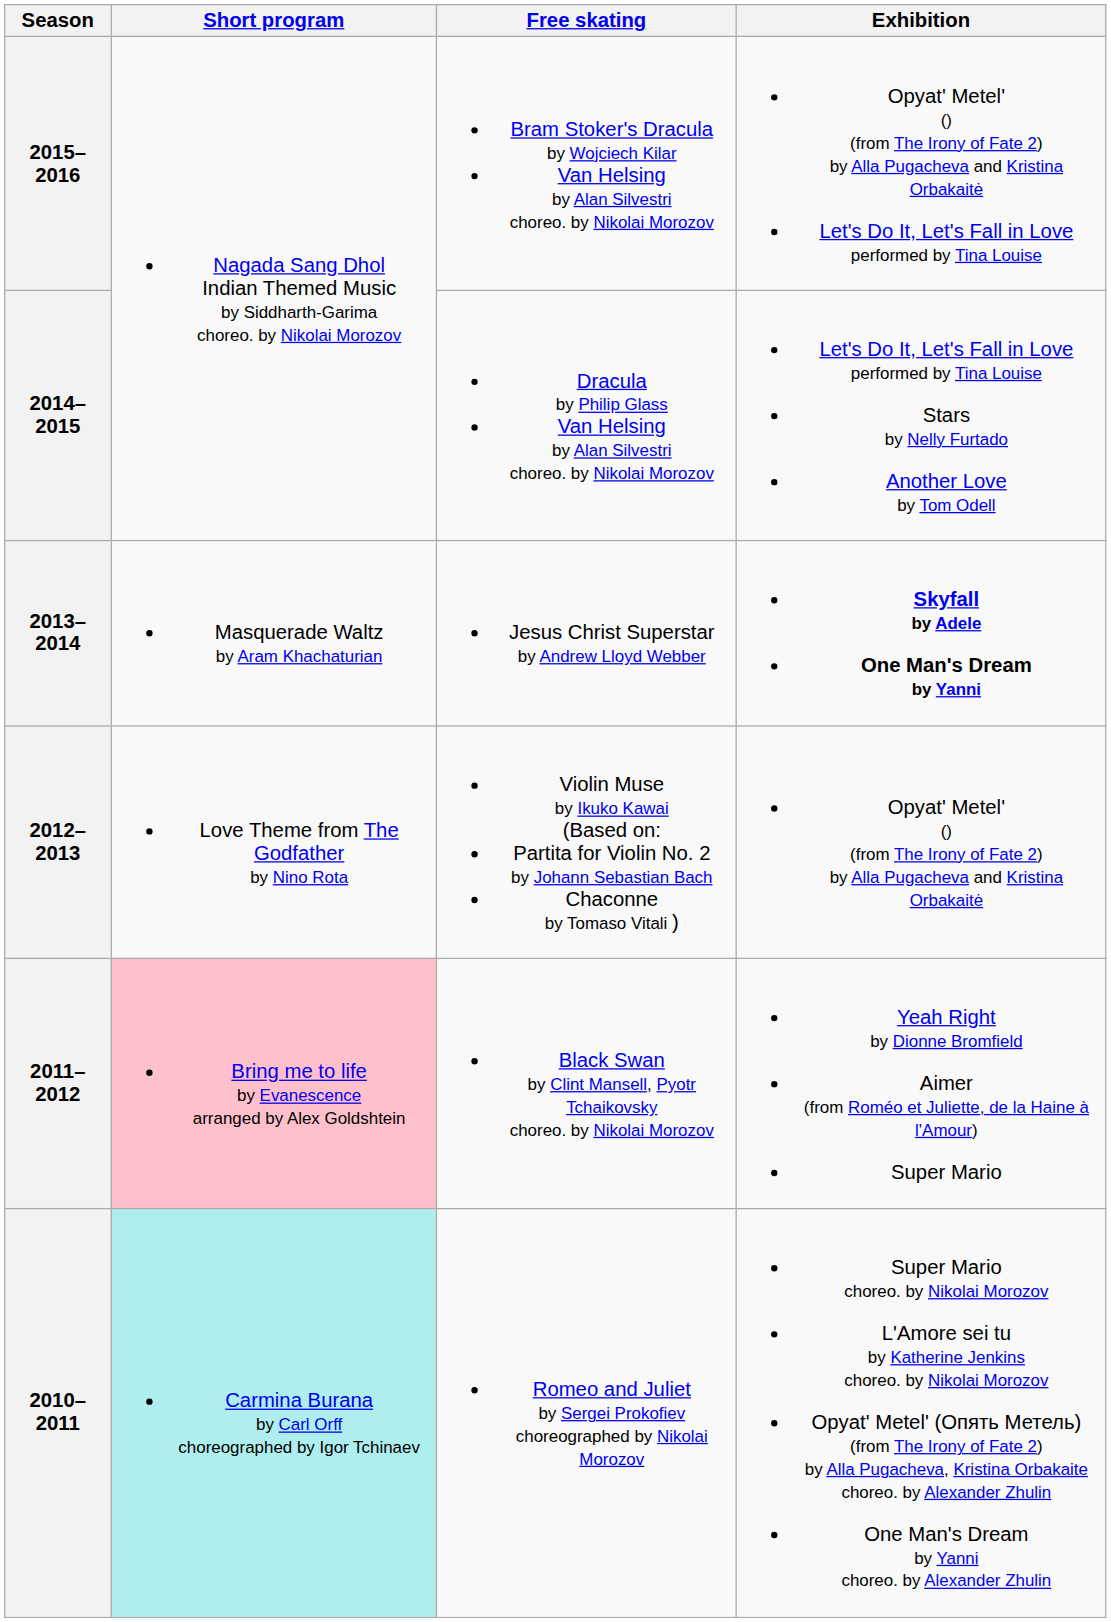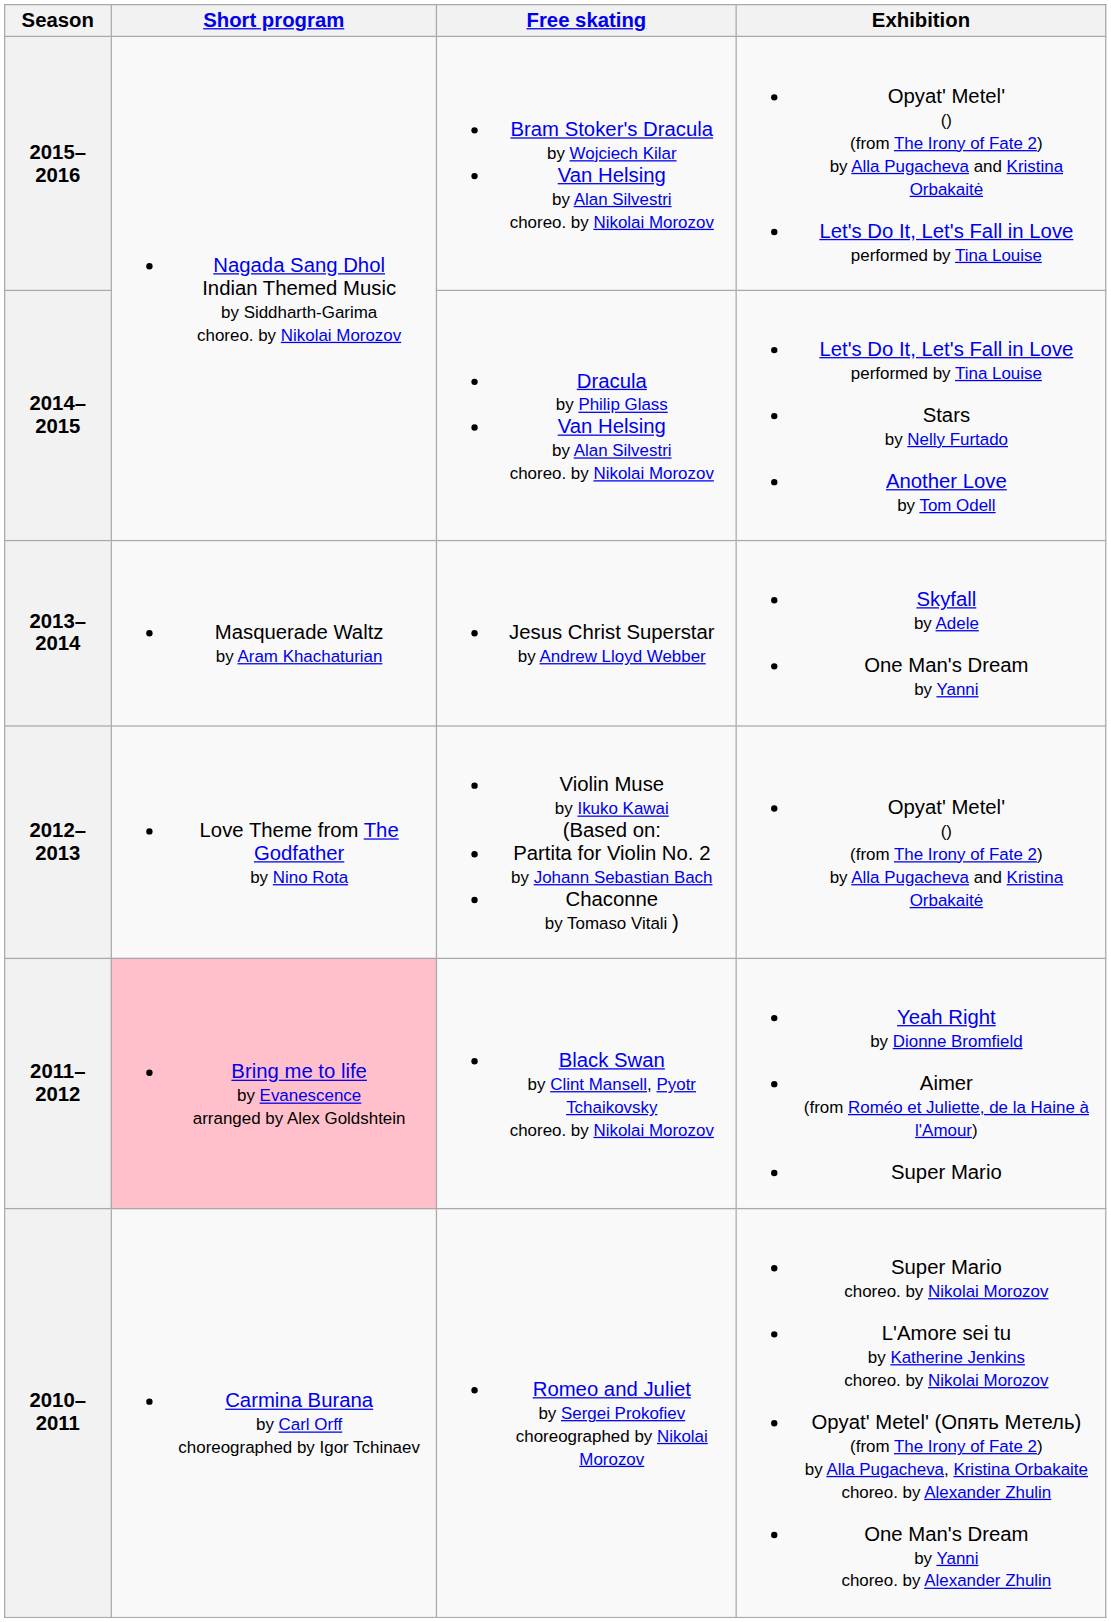 <table class="wikitable" style="text-align:center">
 <tr>
 <th>Season</th>
 <th><a href='#'>Short program</a></th>
 <th><a href='#'>Free skating</a></th>
 <th>Exhibition</th>
 </tr>
 <tr>
 <th>2015–2016 <br> </th>
 <td rowspan=2><br><ul><li><a href='#'>Nagada Sang Dhol</a> <br> Indian Themed Music <br><small> by Siddharth-Garima <br> choreo. by <a href='#'>Nikolai Morozov</a> </small></li></ul></td>
 <td><br><ul><li><a href='#'>Bram Stoker's Dracula</a> <br><small> by <a href='#'>Wojciech Kilar</a> </small></li><li><a href='#'>Van Helsing</a> <br><small> by <a href='#'>Alan Silvestri</a> <br> choreo. by <a href='#'>Nikolai Morozov</a> </small></li></ul></td>
 <td><br><ul><li>Opyat' Metel' <br><small> () <br> (from <a href='#'>The Irony of Fate 2</a>) <br> by <a href='#'>Alla Pugacheva</a> and <a href='#'>Kristina Orbakaitė</a> </small></li></ul><ul><li><a href='#'>Let's Do It, Let's Fall in Love</a> <br><small> performed by <a href='#'>Tina Louise</a> </small></li></ul></td>
 </tr>
 <tr>
 <th>2014–2015 <br> </th>
 <td><br><ul><li><a href='#'>Dracula</a> <br><small> by <a href='#'>Philip Glass</a> </small></li><li><a href='#'>Van Helsing</a> <br><small> by <a href='#'>Alan Silvestri</a> <br> choreo. by <a href='#'>Nikolai Morozov</a> </small></li></ul></td>
 <td><br><ul><li><a href='#'>Let's Do It, Let's Fall in Love</a> <br><small> performed by <a href='#'>Tina Louise</a> </small></li></ul><ul><li>Stars <br><small> by <a href='#'>Nelly Furtado</a> </small></li></ul><ul><li><a href='#'>Another Love</a> <br><small> by <a href='#'>Tom Odell</a> </small></li></ul></td>
 </tr>
 <tr>
 <th>2013–2014 <br> </th>
 <td><br><ul><li>Masquerade Waltz <br><small> by <a href='#'>Aram Khachaturian</a> </small></li></ul></td>
 <td><br><ul><li>Jesus Christ Superstar <br><small> by <a href='#'>Andrew Lloyd Webber</a> </small></li></ul></td>
-<td><strong><br><ul><li><a href='#'>Skyfall</a> <br><small> by <a href='#'>Adele</a> </small></li></ul><ul><li>One Man's Dream <br><small> by <a href='#'>Yanni</a> </small></li></ul></strong></td>
+<td><br><ul><li><a href='#'>Skyfall</a> <br><small> by <a href='#'>Adele</a> </small></li></ul><ul><li>One Man's Dream <br><small> by <a href='#'>Yanni</a> </small></li></ul></td>
 </tr>
 <tr>
 <th>2012–2013 <br> </th>
 <td><br><ul><li>Love Theme from <a href='#'>The Godfather</a> <br><small> by <a href='#'>Nino Rota</a> </small></li></ul></td>
 <td><br><ul><li>Violin Muse <br><small> by <a href='#'>Ikuko Kawai</a> </small> <br> (Based on:</li><li>Partita for Violin No. 2 <br><small> by <a href='#'>Johann Sebastian Bach</a> </small></li><li>Chaconne <br><small> by Tomaso Vitali </small>)</li></ul></td>
 <td><br><ul><li>Opyat' Metel' <br><small> () <br> (from <a href='#'>The Irony of Fate 2</a>) <br> by <a href='#'>Alla Pugacheva</a> and <a href='#'>Kristina Orbakaitė</a> </small></li></ul></td>
 </tr>
 <tr>
 <th>2011–2012 <br> </th>
 <td style="background: pink;"><br><ul><li><a href='#'>Bring me to life</a> <br><small> by <a href='#'>Evanescence</a> <br> arranged by Alex Goldshtein </small></li></ul></td>
 <td><br><ul><li><a href='#'>Black Swan</a> <br><small> by <a href='#'>Clint Mansell</a>, <a href='#'>Pyotr Tchaikovsky</a> <br> choreo. by <a href='#'>Nikolai Morozov</a> </small></li></ul></td>
 <td><br><ul><li><a href='#'>Yeah Right</a> <br><small> by <a href='#'>Dionne Bromfield</a> </small></li></ul><ul><li>Aimer <br><small> (from <a href='#'>Roméo et Juliette, de la Haine à l'Amour</a>) </small></li></ul><ul><li>Super Mario</li></ul></td>
 </tr>
 <tr>
 <th>2010–2011 <br> </th>
-<td style="background: paleturquoise;"><br><ul><li><a href='#'>Carmina Burana</a> <br><small> by <a href='#'>Carl Orff</a> <br> choreographed by Igor Tchinaev </small></li></ul></td>
+<td><br><ul><li><a href='#'>Carmina Burana</a> <br><small> by <a href='#'>Carl Orff</a> <br> choreographed by Igor Tchinaev </small></li></ul></td>
 <td><br><ul><li><a href='#'>Romeo and Juliet</a> <br><small> by <a href='#'>Sergei Prokofiev</a> <br> choreographed by <a href='#'>Nikolai Morozov</a> </small></li></ul></td>
 <td><br><ul><li>Super Mario <br> <small>choreo. by <a href='#'>Nikolai Morozov</a> </small></li></ul><ul><li>L'Amore sei tu <br><small> by <a href='#'>Katherine Jenkins</a> <br> choreo. by <a href='#'>Nikolai Morozov</a> </small></li></ul><ul><li>Opyat' Metel' (Опять Метель) <br><small> (from <a href='#'>The Irony of Fate 2</a>) <br> by <a href='#'>Alla Pugacheva</a>, <a href='#'>Kristina Orbakaite</a> <br> choreo. by <a href='#'>Alexander Zhulin</a> </small></li></ul><ul><li>One Man's Dream <br><small> by <a href='#'>Yanni</a> <br> choreo. by <a href='#'>Alexander Zhulin</a> </small></li></ul></td>
 </tr>
 </table>
